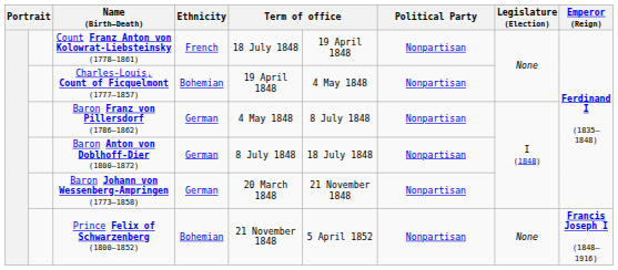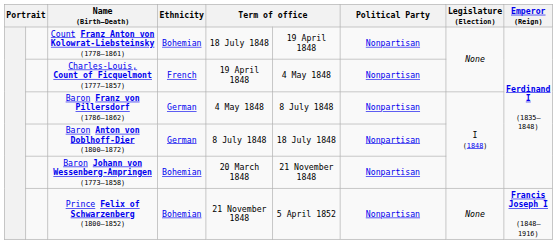 <table class="wikitable" style="text-align: center;">
 <tr>
 <th width=70 colspan=2>Portrait</th>
 <th width=25%>Name<br><small>(Birth–Death)</small></th>
 <th>Ethnicity</th>
 <th width=30% colspan=2>Term of office</th>
 <th width=25%>Political Party</th>
 <th width=7%>Legislature<br><small>(Election)</small></th>
 <th><a href='#'>Emperor</a><br><small>(Reign)</small></th>
 </tr>
 <tr>
 <th rowspan=6 style="background:"></th>
 <td></td>
 <td><a href='#'>Count</a> <strong><a href='#'>Franz Anton von Kolowrat-Liebsteinsky</a></strong><br><small>(1778–1861)</small></td>
-<td><a href='#'>French</a></td>
+<td><a href='#'>Bohemian</a></td>
 <td>18 July 1848</td>
 <td>19 April 1848</td>
 <td><a href='#'>Nonpartisan</a></td>
 <td rowspan=2><em>None</em></td>
 <td rowspan=5><strong><a href='#'>Ferdinand I</a></strong><br><br><small>(1835–1848)</small></td>
 </tr>
 <tr>
 <td></td>
 <td><a href='#'>Charles-Louis,<br><strong>Count of Ficquelmont</strong></a><br><small>(1777–1857)</small></td>
-<td><a href='#'>Bohemian</a></td>
+<td><a href='#'>French</a></td>
 <td>19 April 1848</td>
 <td>4 May 1848</td>
 <td><a href='#'>Nonpartisan</a></td>
 </tr>
 <tr>
 <td></td>
 <td><a href='#'>Baron</a> <strong><a href='#'>Franz von Pillersdorf</a></strong><br><small>(1786–1862)</small></td>
 <td><a href='#'>German</a></td>
 <td>4 May 1848</td>
 <td>8 July 1848</td>
 <td><a href='#'>Nonpartisan</a></td>
 <td rowspan=3>I<br><small>(<a href='#'>1848</a>)</small></td>
 </tr>
 <tr>
 <td></td>
 <td><a href='#'>Baron</a> <strong><a href='#'>Anton von Doblhoff-Dier</a></strong><br><small>(1800–1872)</small></td>
 <td><a href='#'>German</a></td>
 <td>8 July 1848</td>
 <td>18 July 1848</td>
 <td><a href='#'>Nonpartisan</a></td>
 </tr>
 <tr>
 <td></td>
 <td><a href='#'>Baron</a> <strong><a href='#'>Johann von Wessenberg-Ampringen</a></strong><br><small>(1773–1858)</small></td>
-<td><a href='#'>German</a></td>
+<td><a href='#'>Bohemian</a></td>
 <td>20 March 1848</td>
 <td>21 November 1848</td>
 <td><a href='#'>Nonpartisan</a></td>
 </tr>
 <tr>
 <td></td>
 <td><a href='#'>Prince</a> <strong><a href='#'>Felix of Schwarzenberg</a></strong><br><small>(1800–1852)</small></td>
 <td><a href='#'>Bohemian</a></td>
 <td>21 November 1848</td>
 <td>5 April 1852</td>
 <td><a href='#'>Nonpartisan</a></td>
 <td><em>None</em></td>
 <td><strong><a href='#'>Francis Joseph I</a></strong><br><br><small>(1848–1916)</small></td>
 </tr>
 </table>
